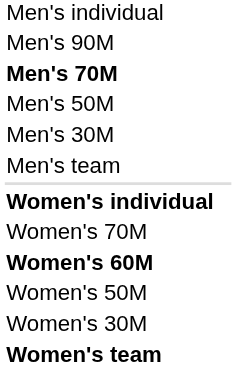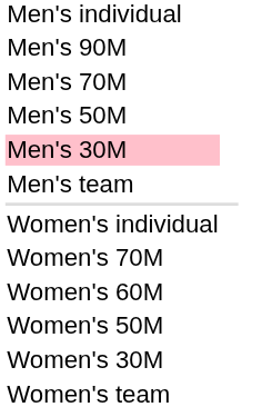 <table>
 <tr>
 <td>Men's individual</td>
 <td></td>
 <td></td>
 <td></td>
 </tr>
 <tr>
 <td>Men's 90M</td>
 <td></td>
 <td></td>
 <td></td>
 </tr>
 <tr>
-<td><strong>Men's 70M</strong></td>
+<td>Men's 70M</td>
 <td></td>
 <td></td>
 <td></td>
 </tr>
 <tr>
 <td>Men's 50M</td>
 <td></td>
 <td></td>
 <td></td>
 </tr>
 <tr>
-<td>Men's 30M</td>
+<td style="background: pink;">Men's 30M</td>
 <td></td>
 <td></td>
 <td></td>
 </tr>
 <tr>
 <td>Men's team</td>
 <td></td>
 <td></td>
 <td></td>
 </tr>
 <tr style="background:#dddddd;">
 <td colspan=7></td>
 </tr>
 <tr>
-<td><strong>Women's individual</strong></td>
+<td>Women's individual</td>
 <td></td>
 <td></td>
 <td></td>
 </tr>
 <tr>
 <td>Women's 70M</td>
 <td></td>
 <td></td>
 <td></td>
 </tr>
 <tr>
-<td><strong>Women's 60M</strong></td>
+<td>Women's 60M</td>
 <td></td>
 <td></td>
 <td></td>
 </tr>
 <tr>
 <td>Women's 50M</td>
 <td></td>
 <td></td>
 <td></td>
 </tr>
 <tr>
 <td>Women's 30M</td>
 <td></td>
 <td></td>
 <td></td>
 </tr>
 <tr>
-<td><strong>Women's team</strong></td>
+<td>Women's team</td>
 <td></td>
 <td></td>
 <td></td>
 </tr>
 </table>
